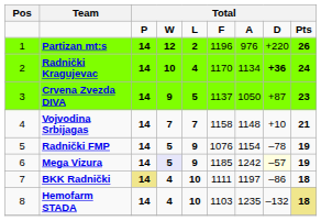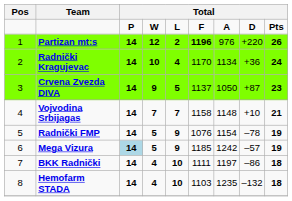 <table class="wikitable sortable" style="text-align: center; font-size:95%">
 <tr>
 <th width="44">Pos</th>
 <th width="128">Team</th>
 <th colspan=7>Total</th>
 </tr>
 <tr>
 <td></td>
 <td></td>
 <td width="30"><strong>P</strong></td>
 <td width="30"><strong>W</strong></td>
 <td width="30"><strong>L</strong></td>
 <td width="30"><strong>F</strong></td>
 <td width="30"><strong>A</strong></td>
 <td width="30"><strong>D</strong></td>
 <td width="30"><strong>Pts</strong></td>
 </tr>
 <tr bgcolor="#7fff00">
 <td>1</td>
 <td align="left"><strong><a href='#'>Partizan mt:s</a></strong></td>
 <td><strong>14</strong></td>
 <td><strong>12</strong></td>
 <td><strong>2</strong></td>
-<td>1196</td>
+<td><strong>1196</strong></td>
 <td>976</td>
 <td>+220</td>
 <td><strong>26</strong></td>
 </tr>
 <tr bgcolor="#7fff00">
 <td>2</td>
 <td align="left"><strong><a href='#'>Radnički Kragujevac</a></strong></td>
 <td><strong>14</strong></td>
 <td><strong>10</strong></td>
 <td><strong>4</strong></td>
 <td>1170</td>
 <td>1134</td>
-<td><strong>+36</strong></td>
+<td>+36</td>
 <td><strong>24</strong></td>
 </tr>
 <tr bgcolor="#7fff00">
 <td>3</td>
 <td align="left"><strong><a href='#'>Crvena Zvezda DIVA</a></strong></td>
 <td><strong>14</strong></td>
 <td><strong>9</strong></td>
 <td><strong>5</strong></td>
 <td>1137</td>
 <td>1050</td>
 <td>+87</td>
 <td><strong>23</strong></td>
 </tr>
 <tr>
 <td>4</td>
 <td align="left"><strong><a href='#'>Vojvodina Srbijagas</a></strong></td>
 <td><strong>14</strong></td>
 <td><strong>7</strong></td>
 <td><strong>7</strong></td>
 <td>1158</td>
 <td>1148</td>
 <td>+10</td>
 <td><strong>21</strong></td>
 </tr>
 <tr>
 <td>5</td>
 <td align="left"><strong><a href='#'>Radnički FMP</a></strong></td>
 <td><strong>14</strong></td>
 <td><strong>5</strong></td>
 <td><strong>9</strong></td>
 <td>1076</td>
 <td>1154</td>
 <td>–78</td>
 <td><strong>19</strong></td>
 </tr>
 <tr>
 <td>6</td>
 <td align="left"><strong><a href='#'>Mega Vizura</a></strong></td>
-<td><strong>14</strong></td>
-<td style="background: lavender;"><strong>5</strong></td>
+<td style="background: lightblue;"><strong>14</strong></td>
+<td><strong>5</strong></td>
 <td><strong>9</strong></td>
 <td>1185</td>
 <td>1242</td>
-<td style="background: lightyellow;">–57</td>
+<td>–57</td>
 <td><strong>19</strong></td>
 </tr>
 <tr>
 <td>7</td>
 <td align="left"><strong><a href='#'>BKK Radnički</a></strong></td>
-<td style="background: khaki;"><strong>14</strong></td>
+<td><strong>14</strong></td>
 <td><strong>4</strong></td>
 <td><strong>10</strong></td>
 <td>1111</td>
 <td>1197</td>
 <td>–86</td>
 <td><strong>18</strong></td>
 </tr>
 <tr>
 <td>8</td>
 <td align="left"><strong><a href='#'>Hemofarm STADA</a></strong></td>
 <td><strong>14</strong></td>
 <td><strong>4</strong></td>
 <td><strong>10</strong></td>
 <td>1103</td>
 <td>1235</td>
 <td>–132</td>
-<td style="background: khaki;"><strong>18</strong></td>
+<td><strong>18</strong></td>
 </tr>
 <tr>
 </tr>
 </table>
